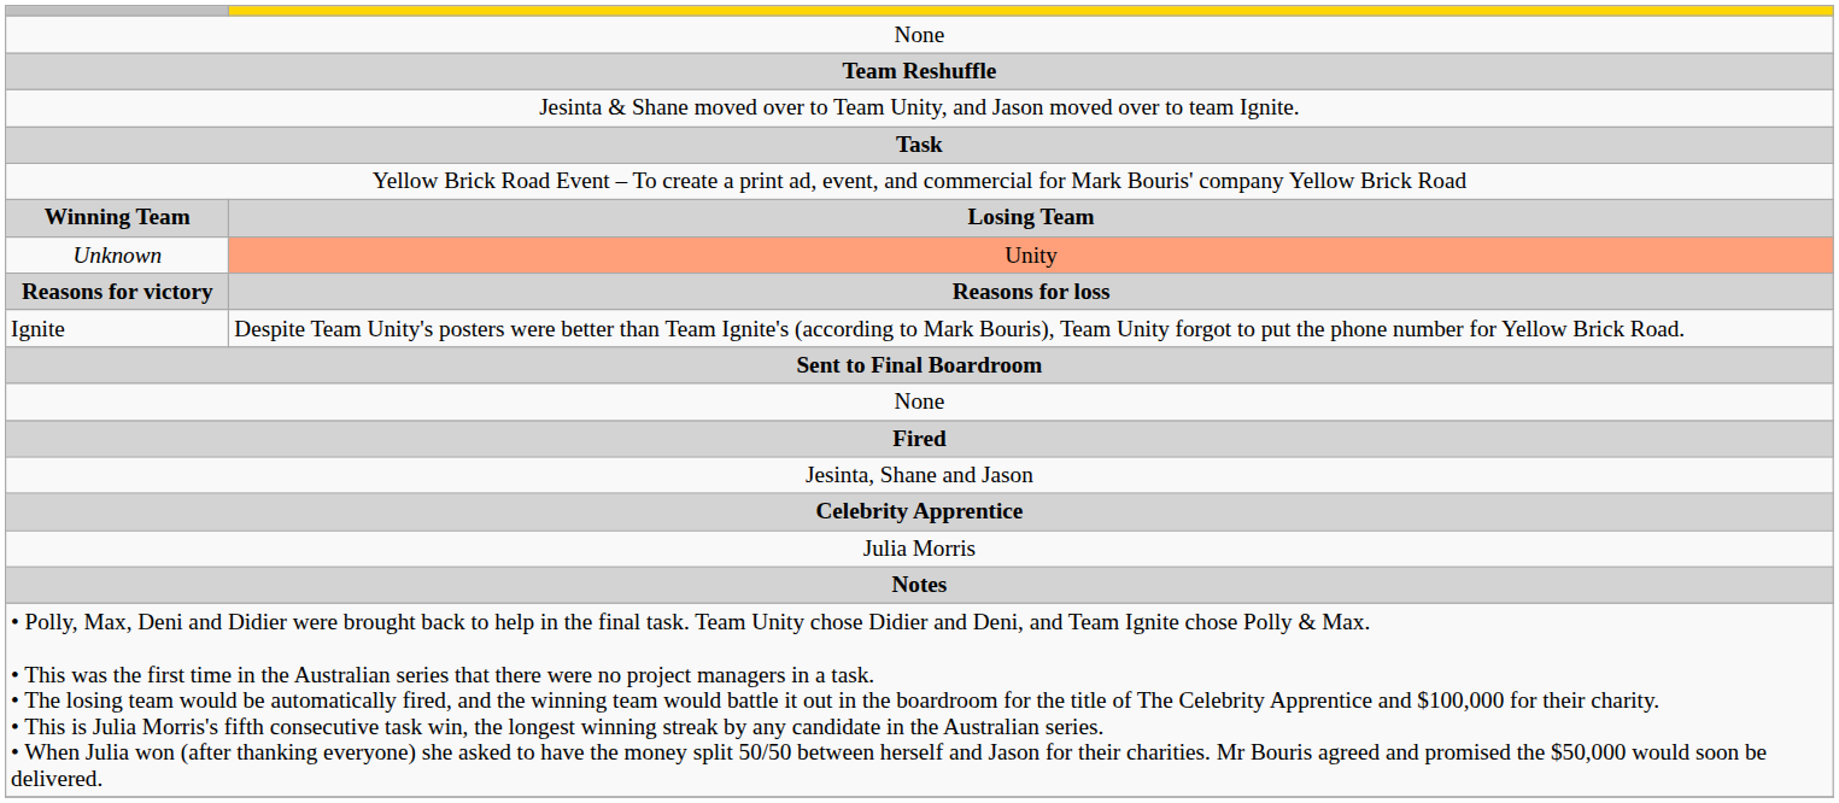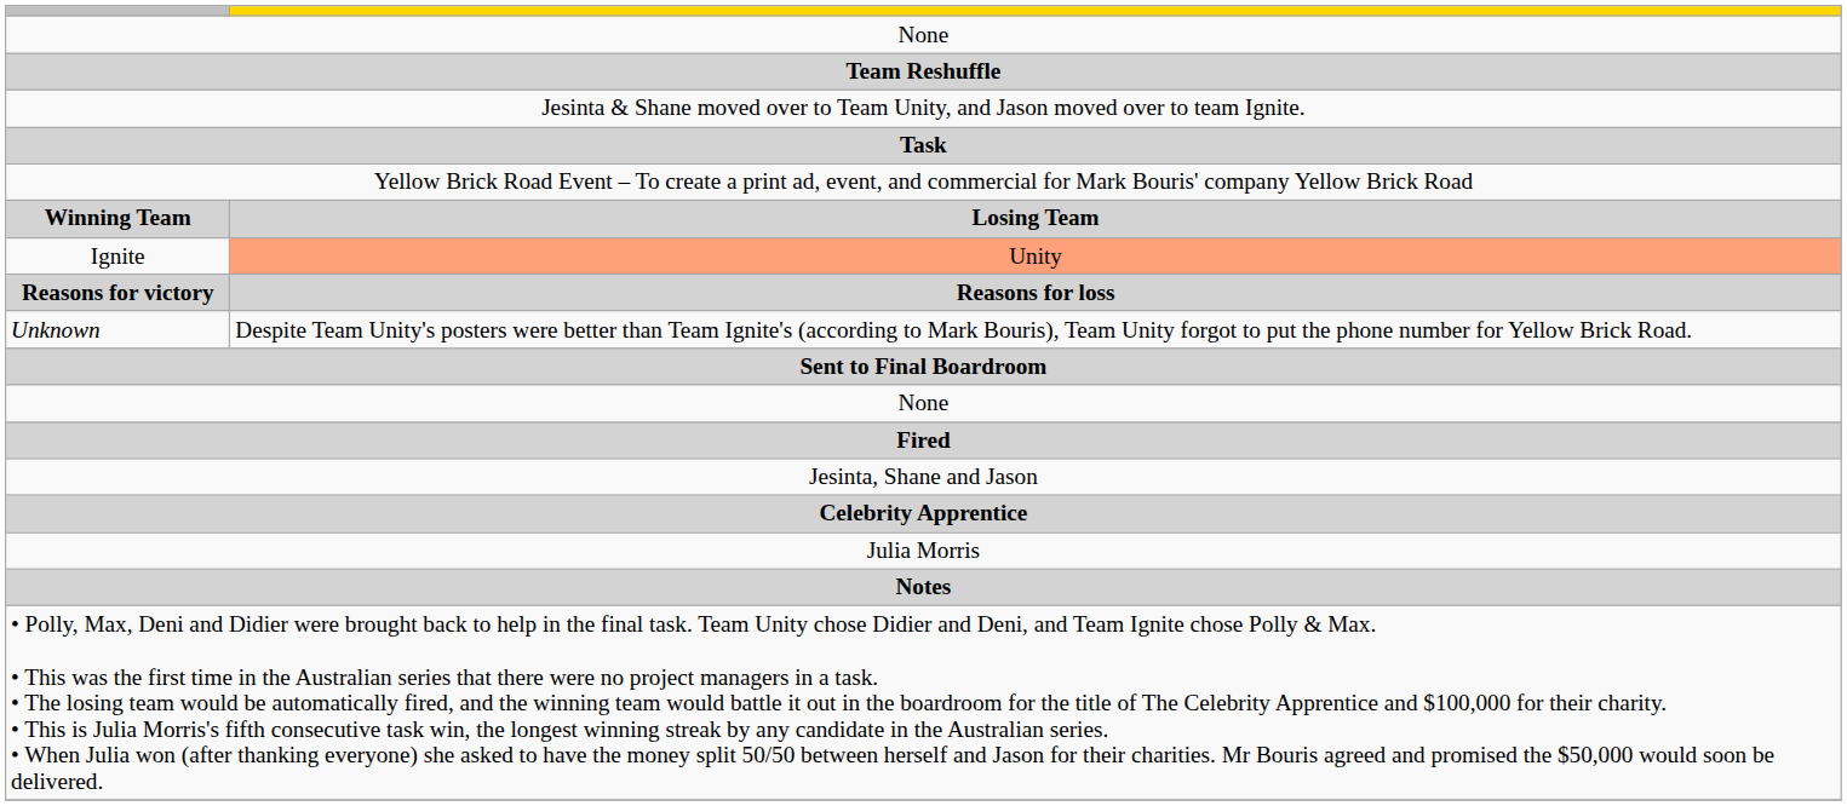 <table class="wikitable" style="text-align: center; width:100%">
 <tr>
 <th style="text-align:center; background:silver;"></th>
 <th style="text-align:center; background:gold;"></th>
 </tr>
 <tr>
 <td colspan="2">None</td>
 </tr>
 <tr>
 <th colspan="2" style="text-align:center; background:lightgrey;">Team Reshuffle</th>
 </tr>
 <tr>
 <td colspan="2">Jesinta & Shane moved over to Team Unity, and Jason moved over to team Ignite.</td>
 </tr>
 <tr>
 <th colspan="2" style="text-align:center; background:lightgrey;">Task</th>
 </tr>
 <tr>
 <td colspan="2">Yellow Brick Road Event – To create a print ad, event, and commercial for Mark Bouris' company Yellow Brick Road</td>
 </tr>
 <tr>
 <th style="text-align:center; background:lightgrey;">Winning Team</th>
 <th style="text-align:center; background:lightgrey;">Losing Team</th>
 </tr>
 <tr>
-<td><em>Unknown</em></td>
+<td>Ignite</td>
 <td style="background: lightsalmon;">Unity</td>
 </tr>
 <tr>
 <th style="text-align:center; background:lightgrey;">Reasons for victory</th>
 <th style="text-align:center; background:lightgrey;">Reasons for loss</th>
 </tr>
 <tr style="text-align: left;">
-<td>Ignite</td>
+<td><em>Unknown</em></td>
 <td>Despite Team Unity's posters were better than Team Ignite's (according to Mark Bouris), Team Unity forgot to put the phone number for Yellow Brick Road.</td>
 </tr>
 <tr>
 <th colspan="2" style="text-align:center; background:lightgrey;">Sent to Final Boardroom</th>
 </tr>
 <tr>
 <td colspan="2">None</td>
 </tr>
 <tr>
 <th colspan="2" style="text-align:center; background:lightgrey;">Fired</th>
 </tr>
 <tr>
 <td colspan="2">Jesinta, Shane and Jason</td>
 </tr>
 <tr>
 <th colspan="2" style="text-align:center; background:lightgrey;">Celebrity Apprentice</th>
 </tr>
 <tr>
 <td colspan="2">Julia Morris</td>
 </tr>
 <tr>
 <th colspan="2" style="text-align:center; background:lightgrey;">Notes</th>
 </tr>
 <tr style="text-align: left;">
 <td colspan="2">• Polly, Max, Deni and Didier were brought back to help in the final task. Team Unity chose Didier and Deni, and Team Ignite chose Polly & Max.<br><br>• This was the first time in the Australian series that there were no project managers in a task.<br> • The losing team would be automatically fired, and the winning team would battle it out in the boardroom for the title of The Celebrity Apprentice and $100,000 for their charity.<br> • This is Julia Morris's fifth consecutive task win, the longest winning streak by any candidate in the Australian series.<br> • When Julia won (after thanking everyone) she asked to have the money split 50/50 between herself and Jason for their charities. Mr Bouris agreed and promised the $50,000 would soon be delivered.</td>
 </tr>
 <tr>
 </tr>
 </table>
